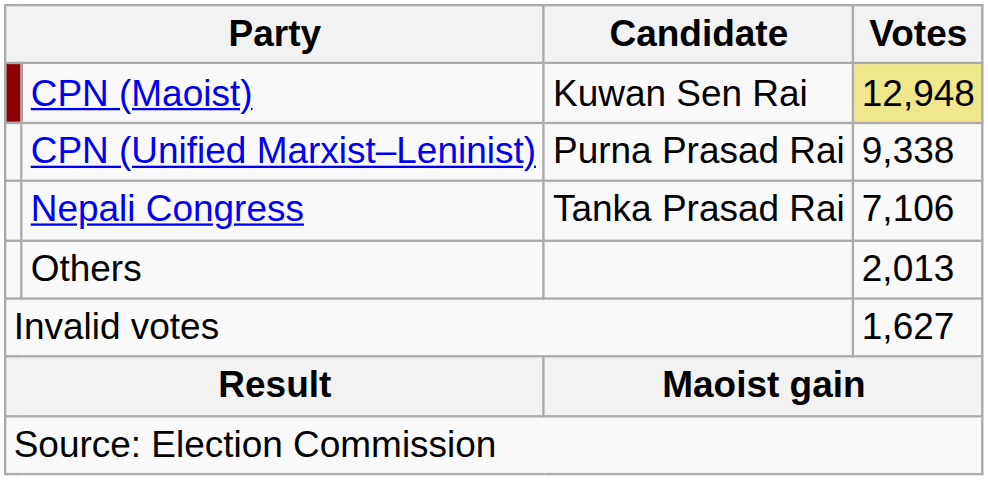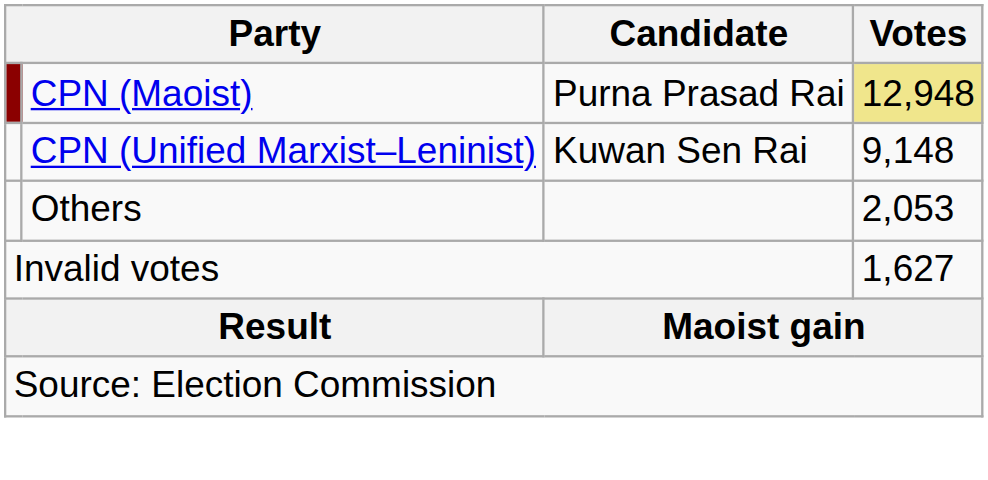 <table class="wikitable">
 <tr>
 <th colspan="2">Party</th>
 <th>Candidate</th>
 <th>Votes</th>
 </tr>
 <tr>
 <td style="background-color:darkred"></td>
 <td><a href='#'>CPN (Maoist)</a></td>
-<td>Kuwan Sen Rai</td>
+<td>Purna Prasad Rai</td>
 <td style="background: khaki;">12,948</td>
 </tr>
 <tr>
 <td style="background-color:"></td>
 <td><a href='#'>CPN (Unified Marxist–Leninist)</a></td>
-<td>Purna Prasad Rai</td>
-<td>9,338</td>
-</tr>
-<tr>
-<td style="background-color:"></td>
-<td><a href='#'>Nepali Congress</a></td>
-<td>Tanka Prasad Rai</td>
-<td>7,106</td>
+<td>Kuwan Sen Rai</td>
+<td>9,148</td>
 </tr>
 <tr>
 <td></td>
 <td>Others</td>
 <td></td>
-<td>2,013</td>
+<td>2,053</td>
 </tr>
 <tr>
 <td colspan="3">Invalid votes</td>
 <td>1,627</td>
 </tr>
 <tr>
 <th colspan="2">Result</th>
 <th colspan="2">Maoist gain</th>
 </tr>
 <tr>
 <td colspan="4">Source: Election Commission</td>
 </tr>
 </table>
